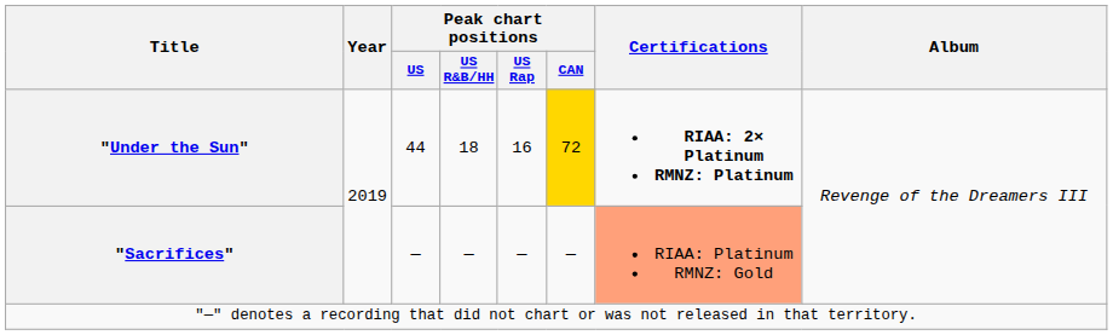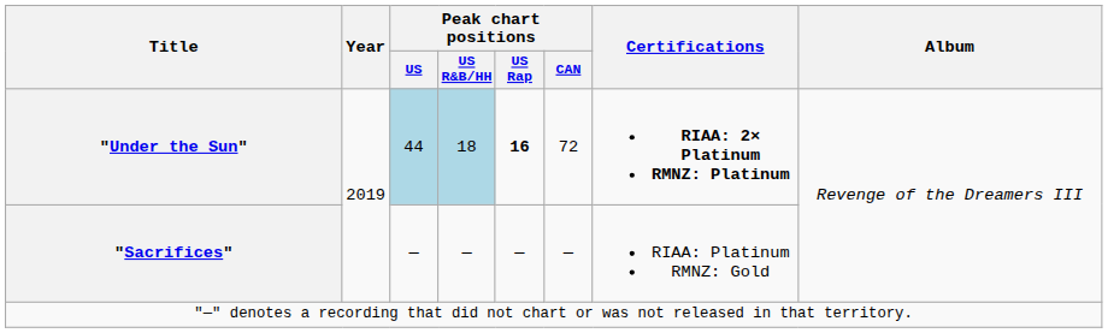 <table class="wikitable plainrowheaders" style="text-align:center;">
 <tr>
 <th scope="col" rowspan="2" style="width:20em;">Title</th>
 <th scope="col" rowspan="2" style="width:1em;">Year</th>
 <th scope="col" colspan="4">Peak chart positions</th>
 <th scope="col" rowspan="2" style="width:12em;"><a href='#'>Certifications</a></th>
 <th scope="col" rowspan="2" style="width:18em;">Album</th>
 </tr>
 <tr>
 <th scope="col" style="width:3em;font-size:85%;"><a href='#'>US</a></th>
 <th scope="col" style="width:3em;font-size:85%;"><a href='#'>US<br>R&B/HH</a></th>
 <th scope="col" style="width:3em;font-size:85%;"><a href='#'>US<br>Rap</a></th>
 <th scope="col" style="width:3em;font-size:85%;"><a href='#'>CAN</a></th>
 </tr>
 <tr>
 <th scope="row">"<a href='#'>Under the Sun</a>"<br></th>
 <td rowspan=2>2019</td>
-<td>44</td>
-<td>18</td>
-<td>16</td>
-<td style="background: gold;">72</td>
+<td style="background: lightblue;">44</td>
+<td style="background: lightblue;">18</td>
+<td><strong>16</strong></td>
+<td>72</td>
 <td><strong><br><ul><li>RIAA: 2× Platinum</li><li>RMNZ: Platinum</li></ul></strong></td>
 <td rowspan=2><em>Revenge of the Dreamers III</em></td>
 </tr>
 <tr>
 <th scope="row">"<a href='#'>Sacrifices</a>"<br></th>
 <td>—</td>
 <td>—</td>
 <td>—</td>
 <td>—</td>
-<td style="background: lightsalmon;"><br><ul><li>RIAA: Platinum</li><li>RMNZ: Gold</li></ul></td>
+<td><br><ul><li>RIAA: Platinum</li><li>RMNZ: Gold</li></ul></td>
 </tr>
 <tr>
 <td colspan="14" style="font-size:90%">"—" denotes a recording that did not chart or was not released in that territory.</td>
 </tr>
 </table>
